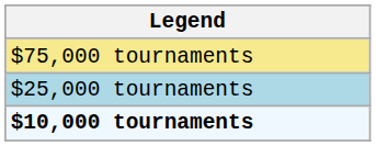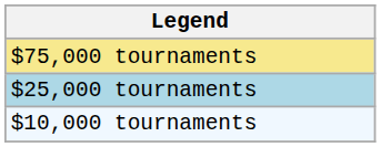 <table class="wikitable" style="font-size:85%; width:15%;">
 <tr>
 <th>Legend</th>
 </tr>
 <tr style="background:#f7e98e;">
 <td>$75,000 tournaments</td>
 </tr>
 <tr style="background:lightblue;">
 <td>$25,000 tournaments</td>
 </tr>
 <tr style="background:#f0f8ff;">
-<td><strong>$10,000 tournaments</strong></td>
+<td>$10,000 tournaments</td>
 </tr>
 </table>
